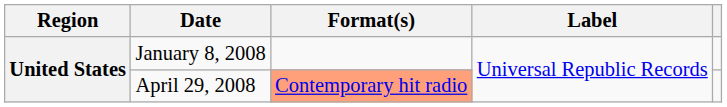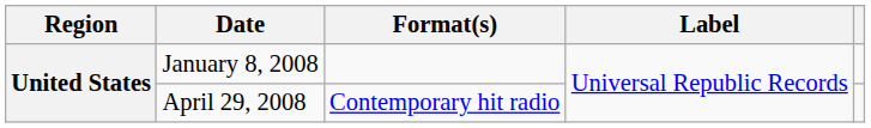 <table class="wikitable plainrowheaders">
 <tr>
 <th scope="col">Region</th>
 <th scope="col">Date</th>
 <th scope="col">Format(s)</th>
 <th scope="col">Label</th>
 <th scope="col"></th>
 </tr>
 <tr>
 <th scope="row" rowspan="2">United States</th>
 <td>January 8, 2008</td>
 <td></td>
 <td rowspan="2"><a href='#'>Universal Republic Records</a></td>
 <td></td>
 </tr>
 <tr>
 <td>April 29, 2008</td>
-<td style="background: lightsalmon;"><a href='#'>Contemporary hit radio</a></td>
+<td><a href='#'>Contemporary hit radio</a></td>
 <td></td>
 </tr>
 </table>
